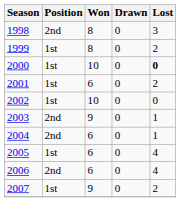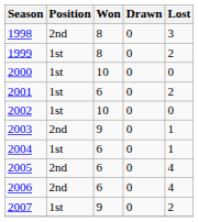 <table class="wikitable collapsible">
 <tr>
 <th>Season</th>
 <th>Position</th>
 <th>Won</th>
 <th>Drawn</th>
 <th>Lost</th>
 </tr>
 <tr style="background-color:#">
 <td><a href='#'>1998</a></td>
 <td>2nd</td>
 <td>8</td>
 <td>0</td>
 <td>3</td>
 </tr>
 <tr style="background-color:#">
 <td><a href='#'>1999</a></td>
 <td>1st</td>
 <td>8</td>
 <td>0</td>
 <td>2</td>
 </tr>
 <tr style="background-color:#">
 <td><a href='#'>2000</a></td>
 <td>1st</td>
 <td>10</td>
 <td>0</td>
-<td><strong>0</strong></td>
+<td>0</td>
 </tr>
 <tr style="background-color:#">
 <td><a href='#'>2001</a></td>
 <td>1st</td>
 <td>6</td>
 <td>0</td>
 <td>2</td>
 </tr>
 <tr style="background-color:#">
 <td><a href='#'>2002</a></td>
 <td>1st</td>
 <td>10</td>
 <td>0</td>
 <td>0</td>
 </tr>
 <tr style="background-color:#">
 <td><a href='#'>2003</a></td>
 <td>2nd</td>
 <td>9</td>
 <td>0</td>
 <td>1</td>
 </tr>
 <tr style="background-color:#">
 <td><a href='#'>2004</a></td>
-<td>2nd</td>
+<td>1st</td>
 <td>6</td>
 <td>0</td>
 <td>1</td>
 </tr>
 <tr style="background-color:#">
 <td><a href='#'>2005</a></td>
-<td>1st</td>
+<td>2nd</td>
 <td>6</td>
 <td>0</td>
 <td>4</td>
 </tr>
 <tr style="background-color:#">
 <td><a href='#'>2006</a></td>
 <td>2nd</td>
 <td>6</td>
 <td>0</td>
 <td>4</td>
 </tr>
 <tr style="background-color:#">
 <td><a href='#'>2007</a></td>
 <td>1st</td>
 <td>9</td>
 <td>0</td>
 <td>2</td>
 </tr>
 <tr>
 </tr>
 </table>
